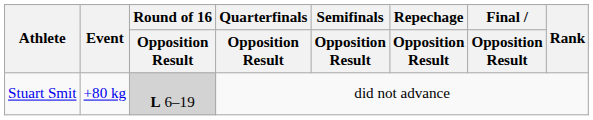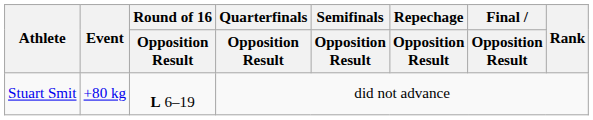 <table class="wikitable" style="font-size:90%">
 <tr>
 <th rowspan="2">Athlete</th>
 <th rowspan="2">Event</th>
 <th>Round of 16</th>
 <th>Quarterfinals</th>
 <th>Semifinals</th>
 <th>Repechage</th>
 <th>Final / </th>
 <th rowspan="2">Rank</th>
 </tr>
 <tr>
 <th>Opposition<br>Result</th>
 <th>Opposition<br>Result</th>
 <th>Opposition<br>Result</th>
 <th>Opposition<br>Result</th>
 <th>Opposition<br>Result</th>
 </tr>
 <tr align=center>
 <td align=left><a href='#'>Stuart Smit</a></td>
 <td align=left><a href='#'>+80 kg</a></td>
-<td style="background: lightgrey;"><br><strong>L</strong> 6–19</td>
+<td><br><strong>L</strong> 6–19</td>
 <td colspan=5>did not advance</td>
 </tr>
 </table>
